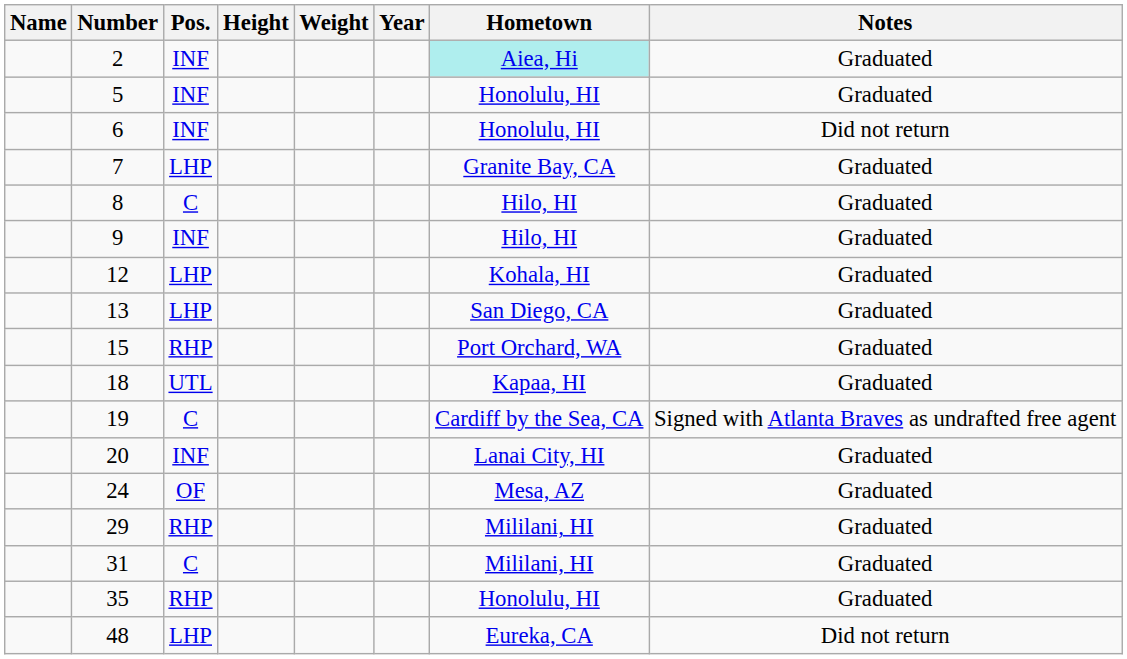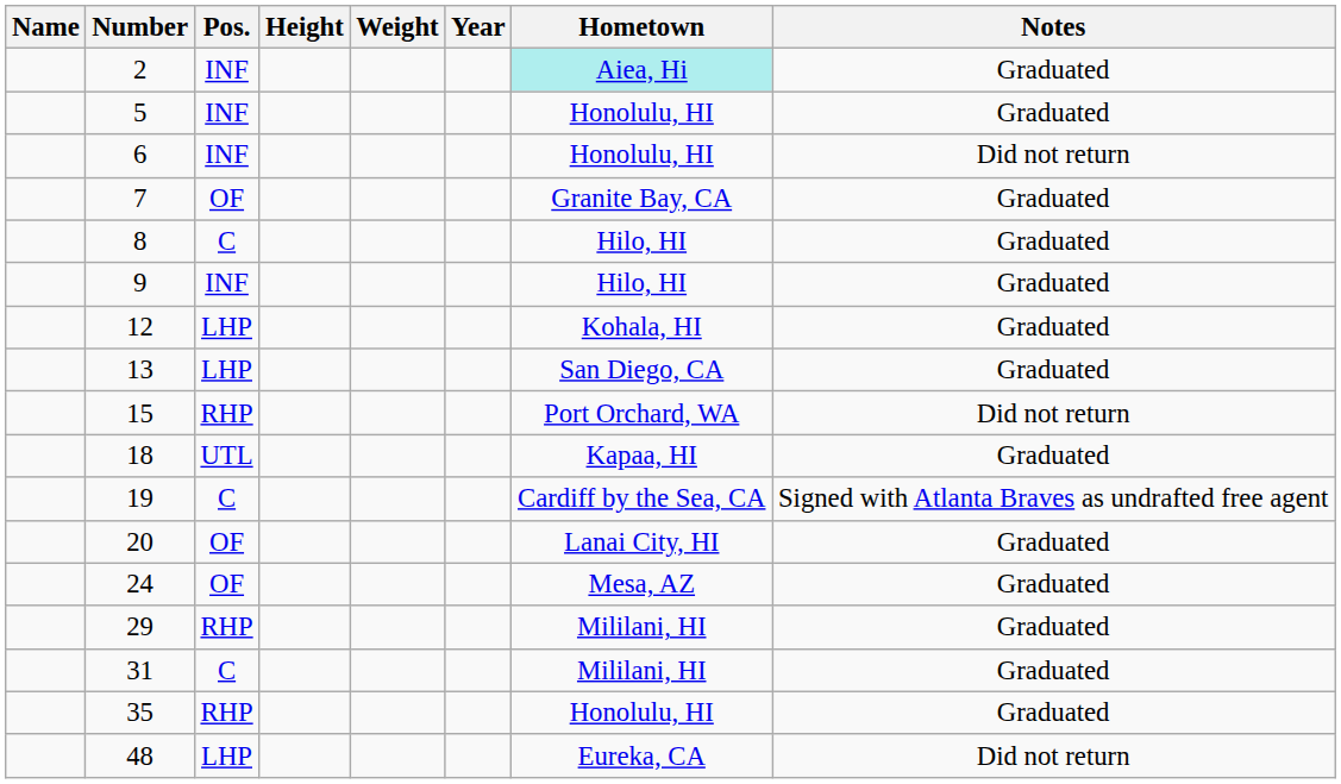 <table class="wikitable sortable sortable" style="text-align: center">
 <tr align=center>
 <th>Name</th>
 <th>Number</th>
 <th>Pos.</th>
 <th>Height</th>
 <th>Weight</th>
 <th>Year</th>
 <th>Hometown</th>
 <th>Notes</th>
 </tr>
 <tr>
 <td></td>
 <td>2</td>
 <td><a href='#'>INF</a></td>
 <td></td>
 <td></td>
 <td></td>
 <td style="background: paleturquoise;"><a href='#'>Aiea, Hi</a></td>
 <td>Graduated</td>
 </tr>
 <tr>
 <td></td>
 <td>5</td>
 <td><a href='#'>INF</a></td>
 <td></td>
 <td></td>
 <td></td>
 <td><a href='#'>Honolulu, HI</a></td>
 <td>Graduated</td>
 </tr>
 <tr>
 <td></td>
 <td>6</td>
 <td><a href='#'>INF</a></td>
 <td></td>
 <td></td>
 <td></td>
 <td><a href='#'>Honolulu, HI</a></td>
 <td>Did not return</td>
 </tr>
 <tr>
 <td></td>
 <td>7</td>
-<td><a href='#'>LHP</a></td>
+<td><a href='#'>OF</a></td>
 <td></td>
 <td></td>
 <td></td>
 <td><a href='#'>Granite Bay, CA</a></td>
 <td>Graduated</td>
 </tr>
 <tr>
 <td></td>
 <td>8</td>
 <td><a href='#'>C</a></td>
 <td></td>
 <td></td>
 <td></td>
 <td><a href='#'>Hilo, HI</a></td>
 <td>Graduated</td>
 </tr>
 <tr>
 <td></td>
 <td>9</td>
 <td><a href='#'>INF</a></td>
 <td></td>
 <td></td>
 <td></td>
 <td><a href='#'>Hilo, HI</a></td>
 <td>Graduated</td>
 </tr>
 <tr>
 <td></td>
 <td>12</td>
 <td><a href='#'>LHP</a></td>
 <td></td>
 <td></td>
 <td></td>
 <td><a href='#'>Kohala, HI</a></td>
 <td>Graduated</td>
 </tr>
 <tr>
 <td></td>
 <td>13</td>
 <td><a href='#'>LHP</a></td>
 <td></td>
 <td></td>
 <td></td>
 <td><a href='#'>San Diego, CA</a></td>
 <td>Graduated</td>
 </tr>
 <tr>
 <td></td>
 <td>15</td>
 <td><a href='#'>RHP</a></td>
 <td></td>
 <td></td>
 <td></td>
 <td><a href='#'>Port Orchard, WA</a></td>
-<td>Graduated</td>
+<td>Did not return</td>
 </tr>
 <tr>
 <td></td>
 <td>18</td>
 <td><a href='#'>UTL</a></td>
 <td></td>
 <td></td>
 <td></td>
 <td><a href='#'>Kapaa, HI</a></td>
 <td>Graduated</td>
 </tr>
 <tr>
 <td></td>
 <td>19</td>
 <td><a href='#'>C</a></td>
 <td></td>
 <td></td>
 <td></td>
 <td><a href='#'>Cardiff by the Sea, CA</a></td>
 <td>Signed with <a href='#'>Atlanta Braves</a> as undrafted free agent</td>
 </tr>
 <tr>
 <td></td>
 <td>20</td>
-<td><a href='#'>INF</a></td>
+<td><a href='#'>OF</a></td>
 <td></td>
 <td></td>
 <td></td>
 <td><a href='#'>Lanai City, HI</a></td>
 <td>Graduated</td>
 </tr>
 <tr>
 <td></td>
 <td>24</td>
 <td><a href='#'>OF</a></td>
 <td></td>
 <td></td>
 <td></td>
 <td><a href='#'>Mesa, AZ</a></td>
 <td>Graduated</td>
 </tr>
 <tr>
 <td></td>
 <td>29</td>
 <td><a href='#'>RHP</a></td>
 <td></td>
 <td></td>
 <td></td>
 <td><a href='#'>Mililani, HI</a></td>
 <td>Graduated</td>
 </tr>
 <tr>
 <td></td>
 <td>31</td>
 <td><a href='#'>C</a></td>
 <td></td>
 <td></td>
 <td></td>
 <td><a href='#'>Mililani, HI</a></td>
 <td>Graduated</td>
 </tr>
 <tr>
 <td></td>
 <td>35</td>
 <td><a href='#'>RHP</a></td>
 <td></td>
 <td></td>
 <td></td>
 <td><a href='#'>Honolulu, HI</a></td>
 <td>Graduated</td>
 </tr>
 <tr>
 <td></td>
 <td>48</td>
 <td><a href='#'>LHP</a></td>
 <td></td>
 <td></td>
 <td></td>
 <td><a href='#'>Eureka, CA</a></td>
 <td>Did not return</td>
 </tr>
 </table>
